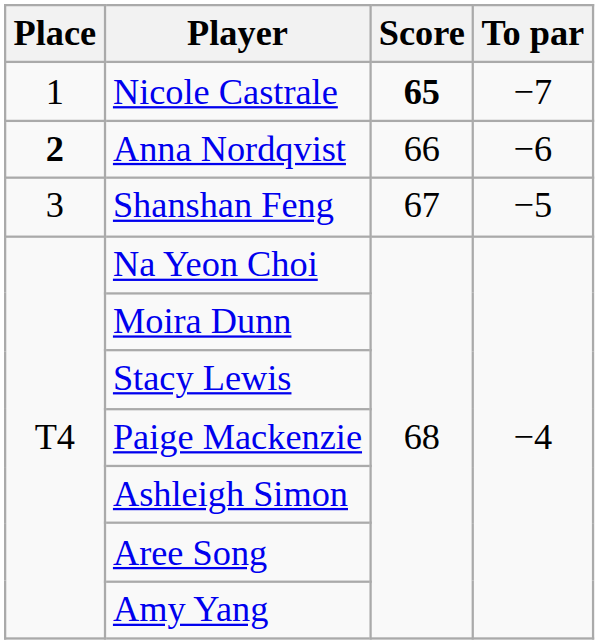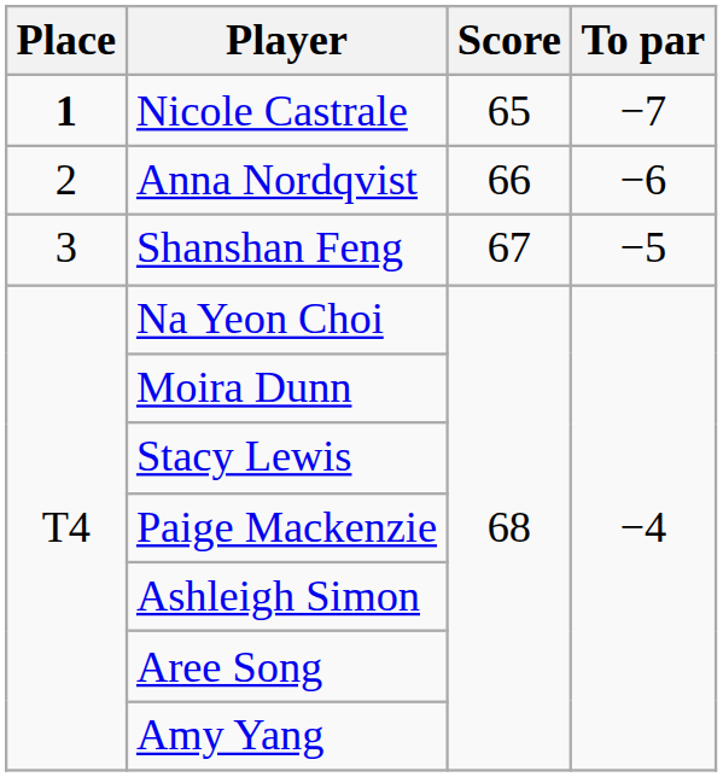 <table class="wikitable">
 <tr>
 <th>Place</th>
 <th>Player</th>
 <th>Score</th>
 <th>To par</th>
 </tr>
 <tr>
-<td align=center>1</td>
+<td align=center><strong>1</strong></td>
 <td> <a href='#'>Nicole Castrale</a></td>
-<td align=center><strong>65</strong></td>
+<td align=center>65</td>
 <td align=center>−7</td>
 </tr>
 <tr>
-<td align=center><strong>2</strong></td>
+<td align=center>2</td>
 <td> <a href='#'>Anna Nordqvist</a></td>
 <td align=center>66</td>
 <td align=center>−6</td>
 </tr>
 <tr>
 <td align=center>3</td>
 <td> <a href='#'>Shanshan Feng</a></td>
 <td align=center>67</td>
 <td align=center>−5</td>
 </tr>
 <tr>
 <td rowspan=7 align=center>T4</td>
 <td> <a href='#'>Na Yeon Choi</a></td>
 <td rowspan=7 align=center>68</td>
 <td rowspan=7 align=center>−4</td>
 </tr>
 <tr>
 <td> <a href='#'>Moira Dunn</a></td>
 </tr>
 <tr>
 <td> <a href='#'>Stacy Lewis</a></td>
 </tr>
 <tr>
 <td> <a href='#'>Paige Mackenzie</a></td>
 </tr>
 <tr>
 <td> <a href='#'>Ashleigh Simon</a></td>
 </tr>
 <tr>
 <td> <a href='#'>Aree Song</a></td>
 </tr>
 <tr>
 <td> <a href='#'>Amy Yang</a></td>
 </tr>
 </table>
